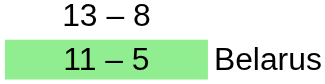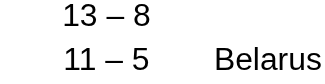 <table style="text-align:center">
 <tr>
 <th width=200></th>
 <th width=100></th>
 <th width=200></th>
 </tr>
 <tr>
 <td align=right><strong></strong></td>
 <td>13 – 8</td>
 <td align=left></td>
 </tr>
 <tr>
 <td align=right><strong></strong></td>
-<td style="background: lightgreen;">11 – 5</td>
+<td>11 – 5</td>
 <td align=left>Belarus</td>
 </tr>
 </table>
